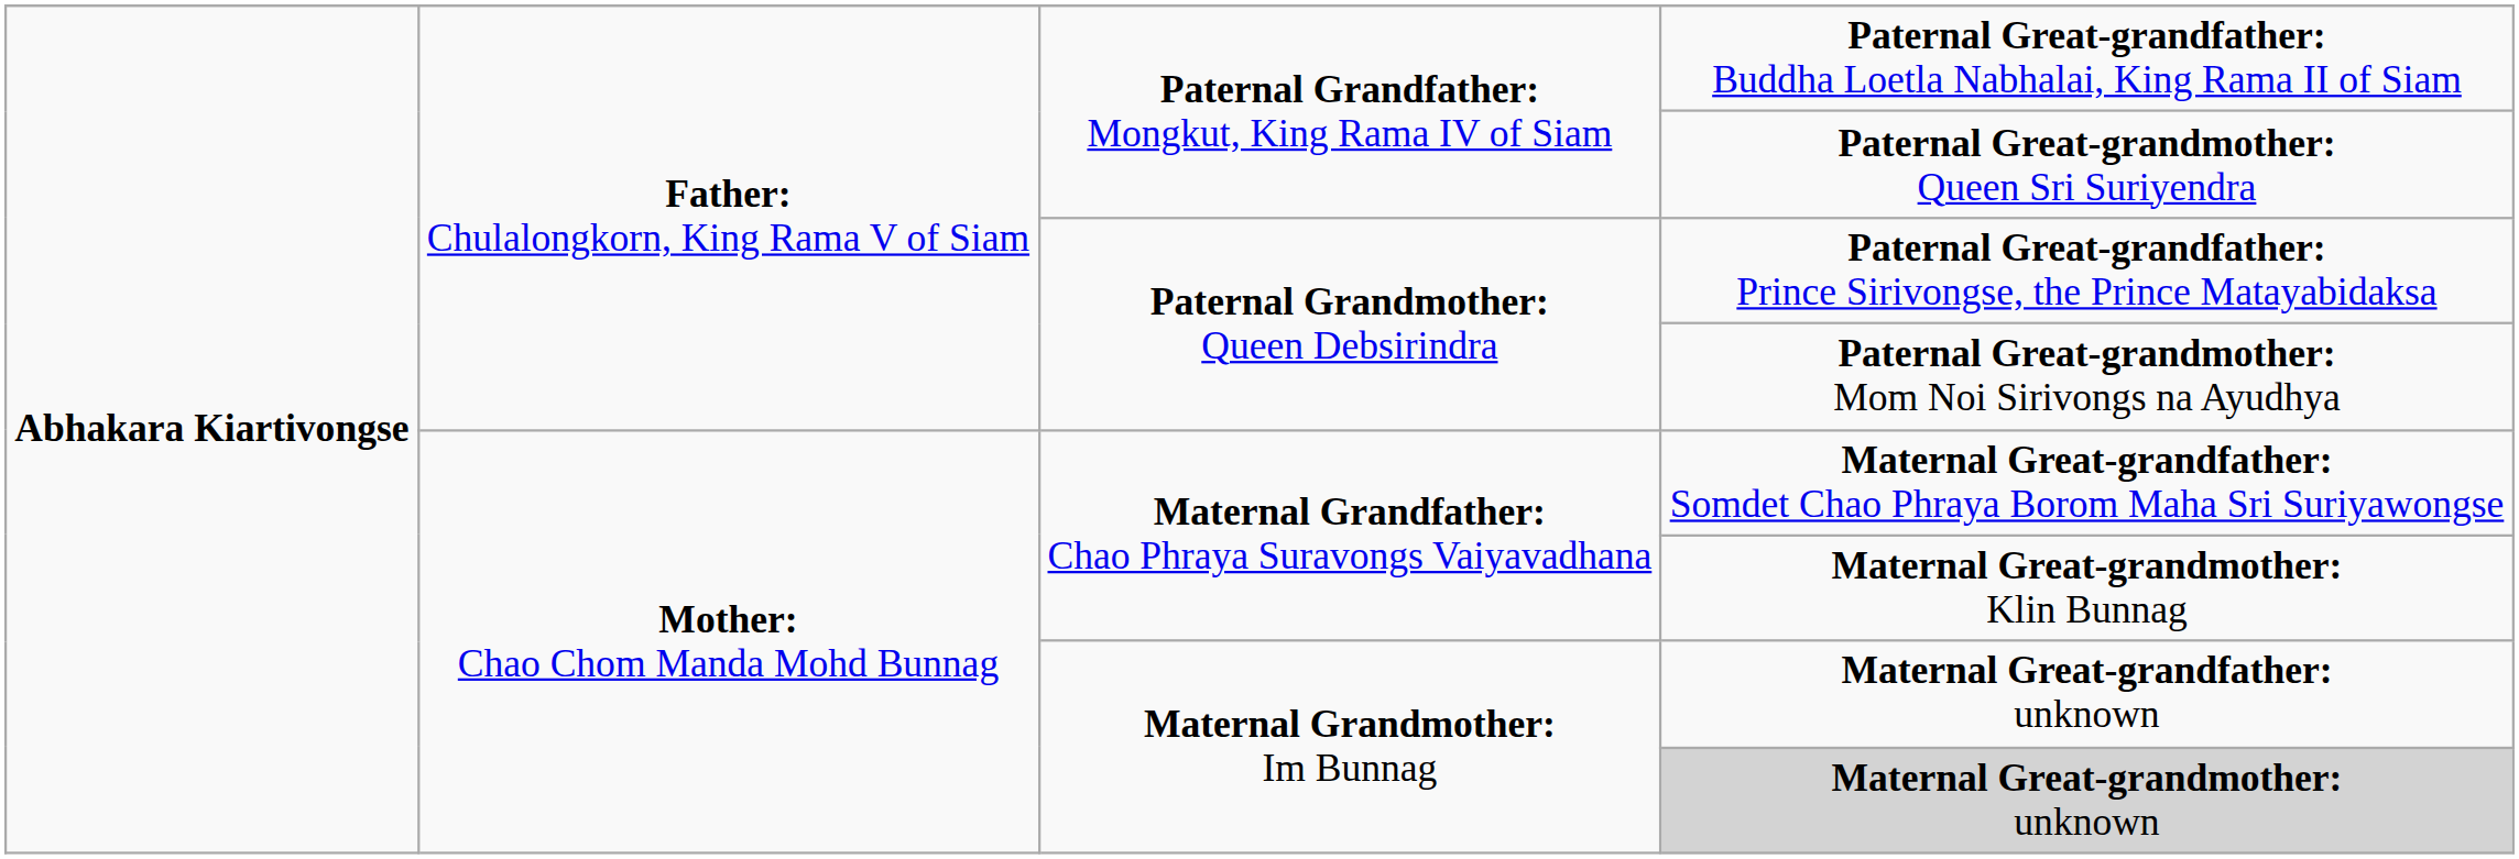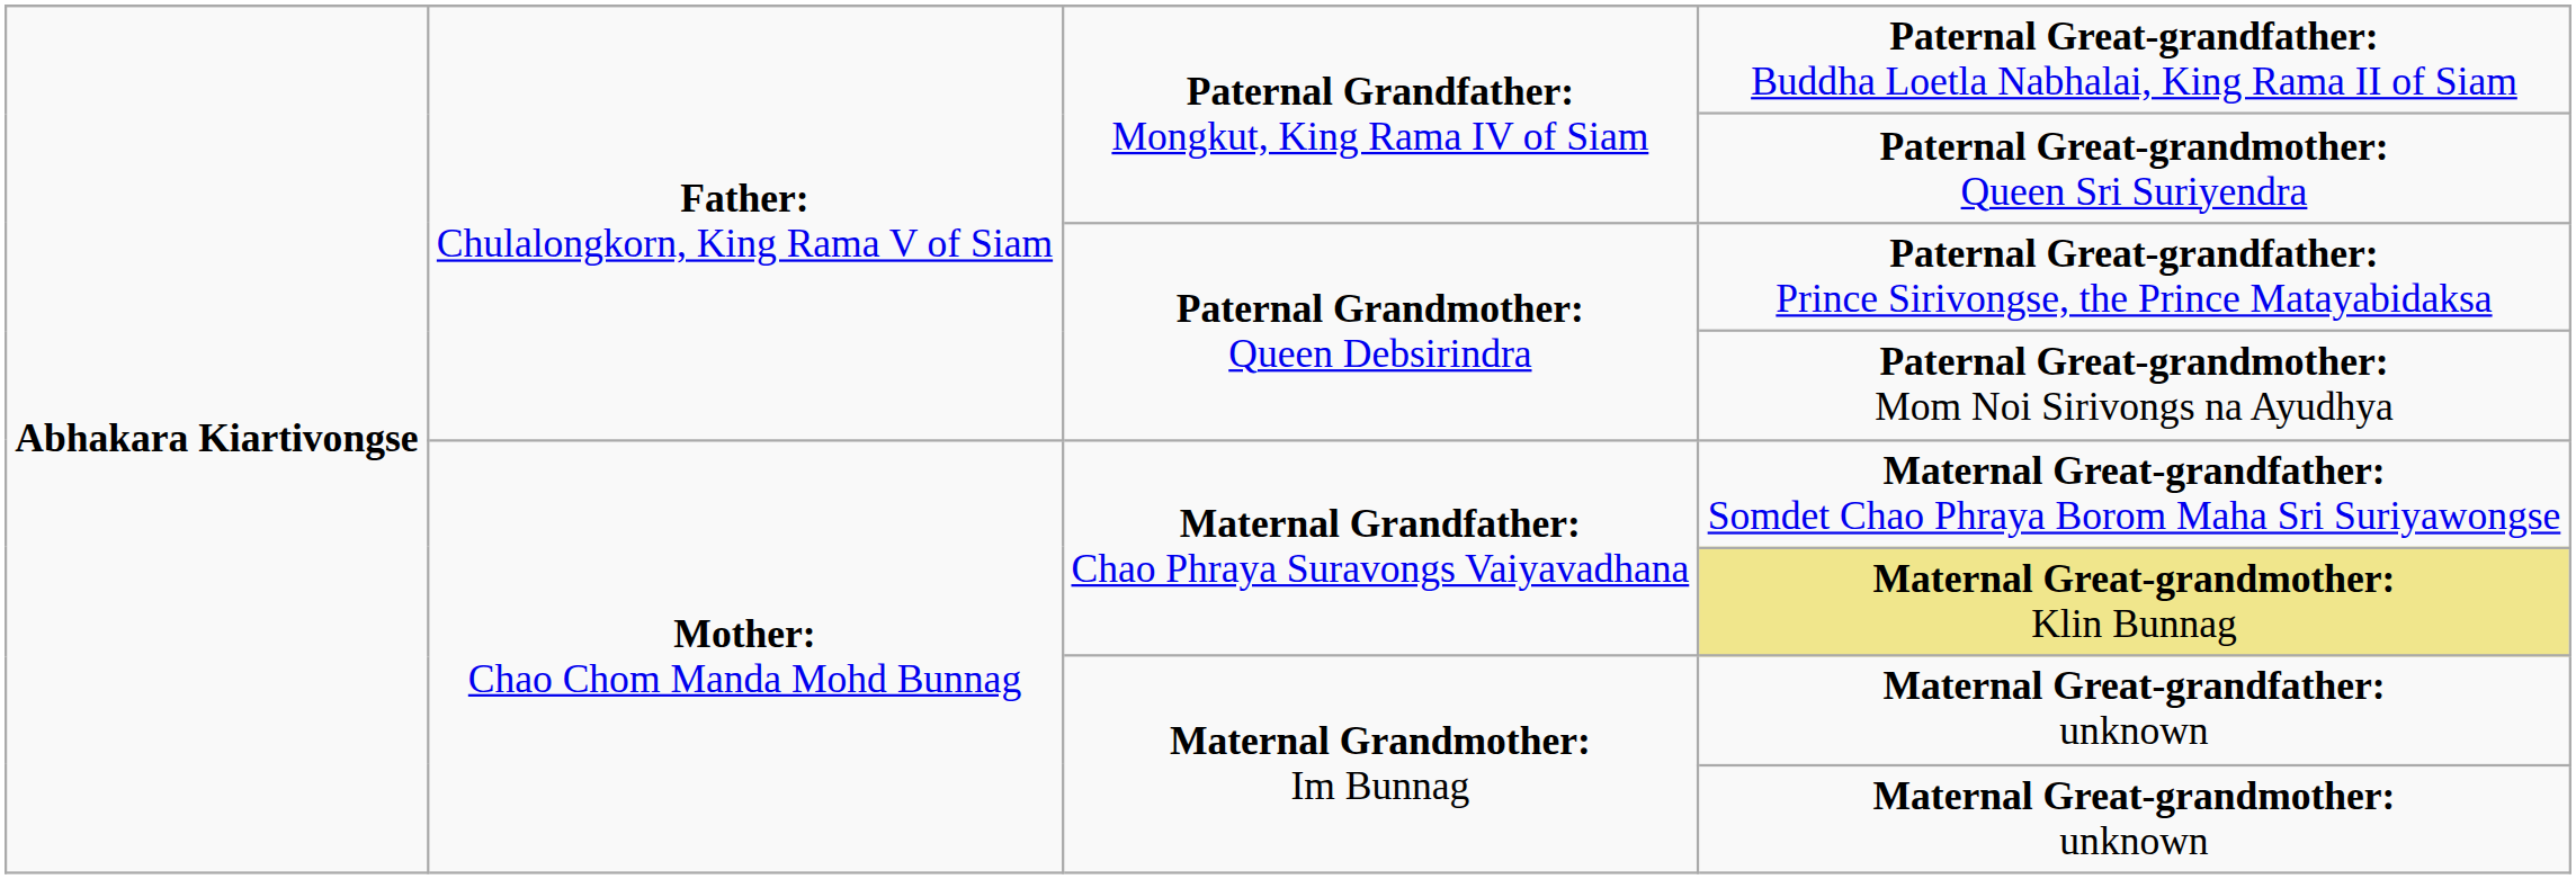 <table class="wikitable">
 <tr>
 </tr>
 <tr>
 <td rowspan="8" align="center"><strong>Abhakara Kiartivongse</strong></td>
 <td rowspan="4" align="center"><strong>Father:</strong><br><a href='#'>Chulalongkorn, King Rama V of Siam</a></td>
 <td rowspan="2" align="center"><strong>Paternal Grandfather:</strong><br><a href='#'>Mongkut, King Rama IV of Siam</a></td>
 <td align = "center"><strong>Paternal Great-grandfather:</strong><br><a href='#'>Buddha Loetla Nabhalai, King Rama II of Siam</a></td>
 </tr>
 <tr>
 <td align = "center"><strong>Paternal Great-grandmother:</strong><br><a href='#'>Queen Sri Suriyendra</a></td>
 </tr>
 <tr>
 <td rowspan="2" align="center"><strong>Paternal Grandmother:</strong><br><a href='#'>Queen Debsirindra</a></td>
 <td align = "center"><strong>Paternal Great-grandfather:</strong><br><a href='#'>Prince Sirivongse, the Prince Matayabidaksa</a></td>
 </tr>
 <tr>
 <td align = "center"><strong>Paternal Great-grandmother:</strong><br>Mom Noi Sirivongs na Ayudhya</td>
 </tr>
 <tr>
 <td rowspan="4" align="center"><strong>Mother:</strong><br><a href='#'>Chao Chom Manda Mohd Bunnag</a></td>
 <td rowspan="2" align="center"><strong>Maternal Grandfather:</strong><br><a href='#'>Chao Phraya Suravongs Vaiyavadhana</a></td>
 <td align = "center"><strong>Maternal Great-grandfather:</strong><br><a href='#'>Somdet Chao Phraya Borom Maha Sri Suriyawongse</a></td>
 </tr>
 <tr>
-<td align = "center"><strong>Maternal Great-grandmother:</strong><br>Klin Bunnag</td>
+<td align = "center" style="background: khaki;"><strong>Maternal Great-grandmother:</strong><br>Klin Bunnag</td>
 </tr>
 <tr>
 <td rowspan="2" align="center"><strong>Maternal Grandmother:</strong><br>Im Bunnag</td>
 <td align = "center"><strong>Maternal Great-grandfather:</strong><br>unknown</td>
 </tr>
 <tr>
-<td align = "center" style="background: lightgrey;"><strong>Maternal Great-grandmother:</strong><br>unknown</td>
+<td align = "center"><strong>Maternal Great-grandmother:</strong><br>unknown</td>
 </tr>
 </table>
